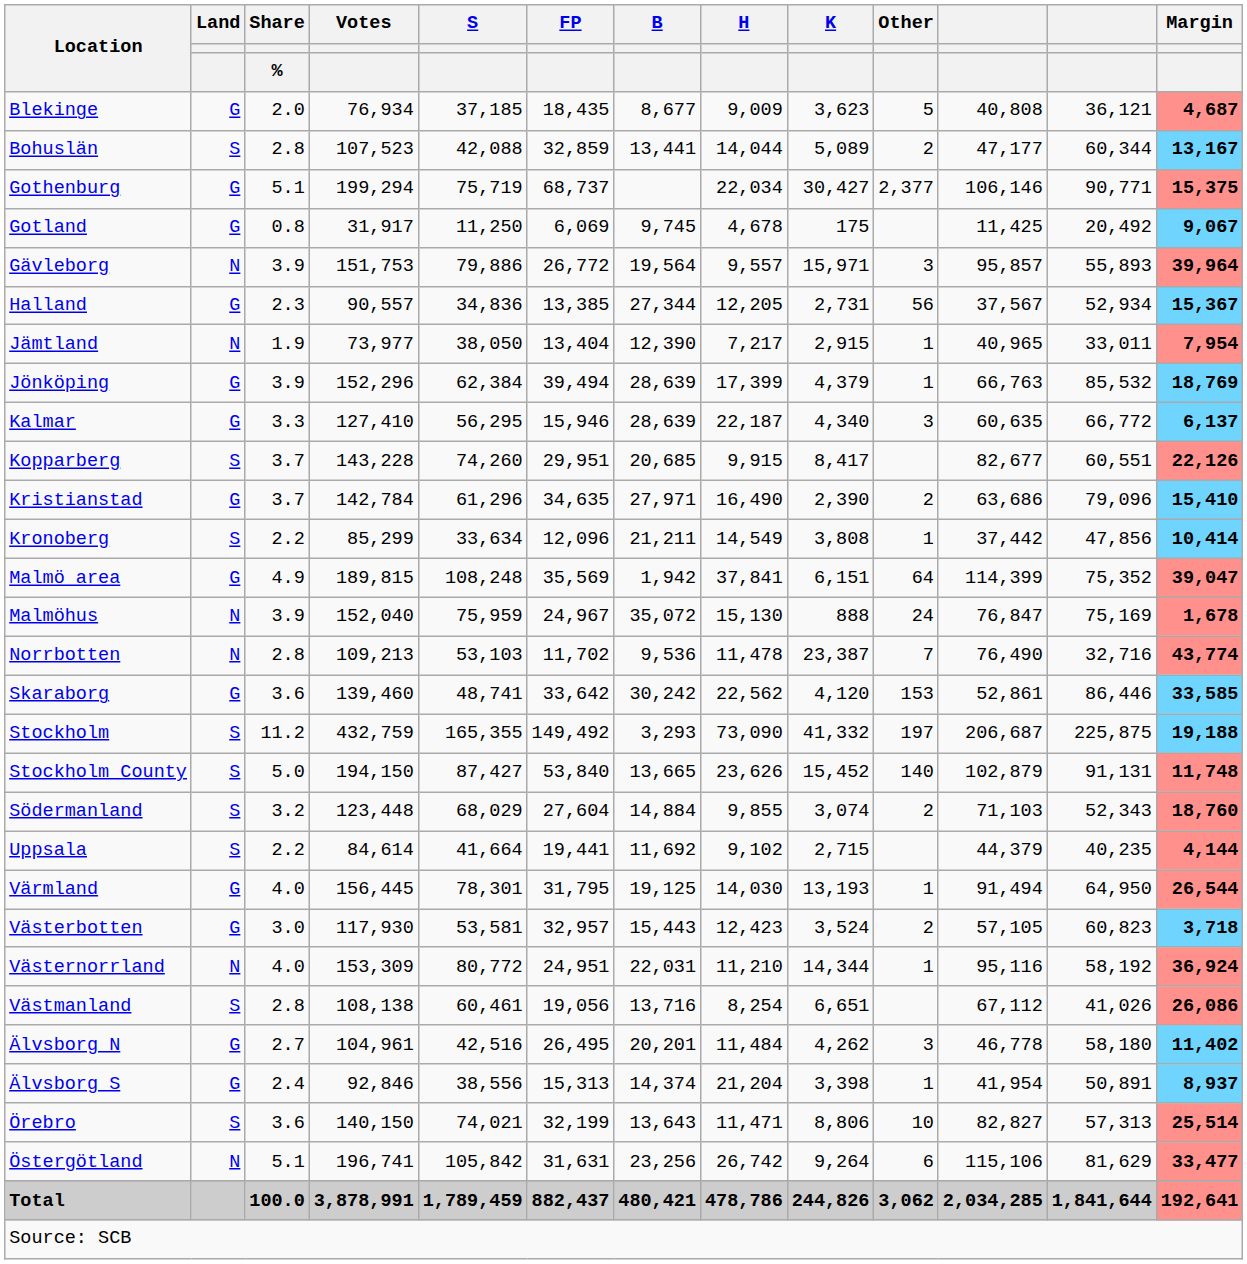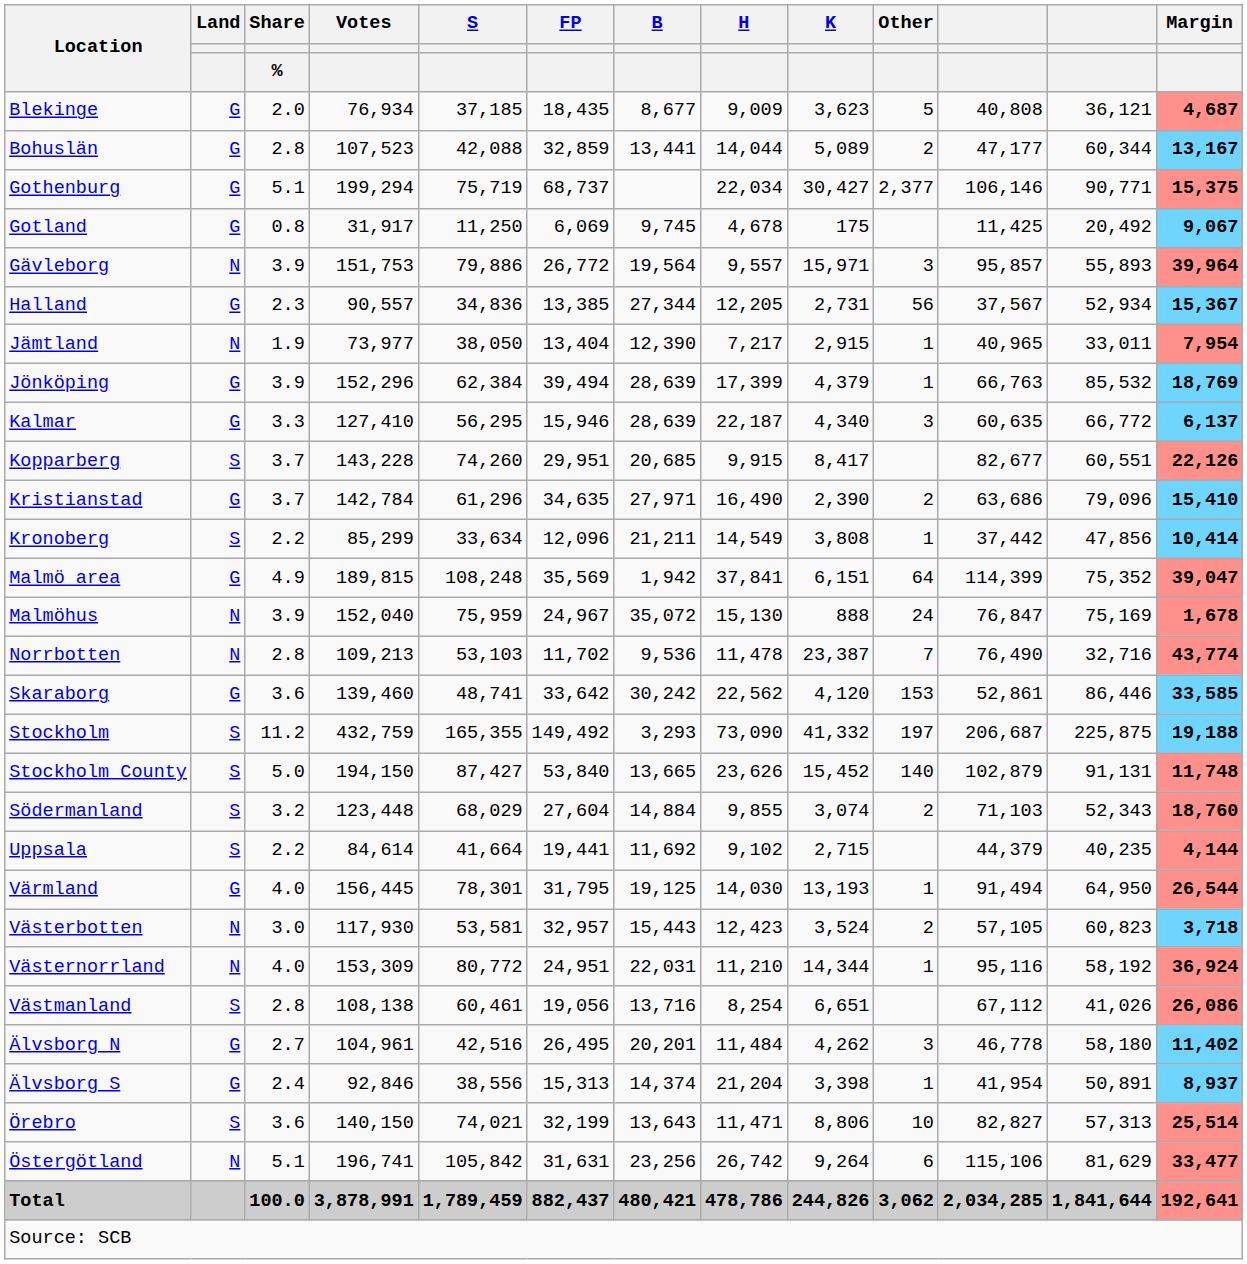 <table class="wikitable sortable" style="text-align:right; font-size:95%; line-height:20px;">
 <tr>
 <th rowspan="3">Location</th>
 <th>Land</th>
 <th>Share</th>
 <th>Votes</th>
 <th width="30px" class="unsortable"><a href='#'>S</a></th>
 <th width="30px" class="unsortable"><a href='#'>FP</a></th>
 <th width="30px" class="unsortable"><a href='#'>B</a></th>
 <th width="30px" class="unsortable"><a href='#'>H</a></th>
 <th width="30px" class="unsortable"><a href='#'>K</a></th>
 <th width="30px" class="unsortable">Other</th>
 <th></th>
 <th></th>
 <th>Margin</th>
 </tr>
 <tr>
 <th></th>
 <th></th>
 <th></th>
 <th style="background:"></th>
 <th style="background:"></th>
 <th style="background:"></th>
 <th style="background:"></th>
 <th style="background:"></th>
 <th style="background:"></th>
 <th style="background:"></th>
 <th style="background:"></th>
 <th></th>
 </tr>
 <tr>
 <th></th>
 <th data-sort-type="number">%</th>
 <th></th>
 <th data-sort-type="number"></th>
 <th data-sort-type="number"></th>
 <th data-sort-type="number"></th>
 <th data-sort-type="number"></th>
 <th data-sort-type="number"></th>
 <th data-sort-type="number"></th>
 <th data-sort-type="number"></th>
 <th data-sort-type="number"></th>
 <th></th>
 </tr>
 <tr>
 <td align=left><a href='#'>Blekinge</a></td>
 <td><a href='#'>G</a></td>
 <td>2.0</td>
 <td>76,934</td>
 <td>37,185</td>
 <td>18,435</td>
 <td>8,677</td>
 <td>9,009</td>
 <td>3,623</td>
 <td>5</td>
 <td>40,808</td>
 <td>36,121</td>
 <td bgcolor=#ff908c><strong>4,687</strong></td>
 </tr>
 <tr>
 <td align=left><a href='#'>Bohuslän</a></td>
-<td><a href='#'>S</a></td>
+<td><a href='#'>G</a></td>
 <td>2.8</td>
 <td>107,523</td>
 <td>42,088</td>
 <td>32,859</td>
 <td>13,441</td>
 <td>14,044</td>
 <td>5,089</td>
 <td>2</td>
 <td>47,177</td>
 <td>60,344</td>
 <td bgcolor=#6fd5fe><strong>13,167</strong></td>
 </tr>
 <tr>
 <td align=left><a href='#'>Gothenburg</a></td>
 <td><a href='#'>G</a></td>
 <td>5.1</td>
 <td>199,294</td>
 <td>75,719</td>
 <td>68,737</td>
 <td></td>
 <td>22,034</td>
 <td>30,427</td>
 <td>2,377</td>
 <td>106,146</td>
 <td>90,771</td>
 <td bgcolor=#ff908c><strong>15,375</strong></td>
 </tr>
 <tr>
 <td align=left><a href='#'>Gotland</a></td>
 <td><a href='#'>G</a></td>
 <td>0.8</td>
 <td>31,917</td>
 <td>11,250</td>
 <td>6,069</td>
 <td>9,745</td>
 <td>4,678</td>
 <td>175</td>
 <td></td>
 <td>11,425</td>
 <td>20,492</td>
 <td bgcolor=#6fd5fe><strong>9,067</strong></td>
 </tr>
 <tr>
 <td align=left><a href='#'>Gävleborg</a></td>
 <td><a href='#'>N</a></td>
 <td>3.9</td>
 <td>151,753</td>
 <td>79,886</td>
 <td>26,772</td>
 <td>19,564</td>
 <td>9,557</td>
 <td>15,971</td>
 <td>3</td>
 <td>95,857</td>
 <td>55,893</td>
 <td bgcolor=#ff908c><strong>39,964</strong></td>
 </tr>
 <tr>
 <td align=left><a href='#'>Halland</a></td>
 <td><a href='#'>G</a></td>
 <td>2.3</td>
 <td>90,557</td>
 <td>34,836</td>
 <td>13,385</td>
 <td>27,344</td>
 <td>12,205</td>
 <td>2,731</td>
 <td>56</td>
 <td>37,567</td>
 <td>52,934</td>
 <td bgcolor=#6fd5fe><strong>15,367</strong></td>
 </tr>
 <tr>
 <td align=left><a href='#'>Jämtland</a></td>
 <td><a href='#'>N</a></td>
 <td>1.9</td>
 <td>73,977</td>
 <td>38,050</td>
 <td>13,404</td>
 <td>12,390</td>
 <td>7,217</td>
 <td>2,915</td>
 <td>1</td>
 <td>40,965</td>
 <td>33,011</td>
 <td bgcolor=#ff908c><strong>7,954</strong></td>
 </tr>
 <tr>
 <td align=left><a href='#'>Jönköping</a></td>
 <td><a href='#'>G</a></td>
 <td>3.9</td>
 <td>152,296</td>
 <td>62,384</td>
 <td>39,494</td>
 <td>28,639</td>
 <td>17,399</td>
 <td>4,379</td>
 <td>1</td>
 <td>66,763</td>
 <td>85,532</td>
 <td bgcolor=#6fd5fe><strong>18,769</strong></td>
 </tr>
 <tr>
 <td align=left><a href='#'>Kalmar</a></td>
 <td><a href='#'>G</a></td>
 <td>3.3</td>
 <td>127,410</td>
 <td>56,295</td>
 <td>15,946</td>
 <td>28,639</td>
 <td>22,187</td>
 <td>4,340</td>
 <td>3</td>
 <td>60,635</td>
 <td>66,772</td>
 <td bgcolor=#6fd5fe><strong>6,137</strong></td>
 </tr>
 <tr>
 <td align=left><a href='#'>Kopparberg</a></td>
 <td><a href='#'>S</a></td>
 <td>3.7</td>
 <td>143,228</td>
 <td>74,260</td>
 <td>29,951</td>
 <td>20,685</td>
 <td>9,915</td>
 <td>8,417</td>
 <td></td>
 <td>82,677</td>
 <td>60,551</td>
 <td bgcolor=#ff908c><strong>22,126</strong></td>
 </tr>
 <tr>
 <td align=left><a href='#'>Kristianstad</a></td>
 <td><a href='#'>G</a></td>
 <td>3.7</td>
 <td>142,784</td>
 <td>61,296</td>
 <td>34,635</td>
 <td>27,971</td>
 <td>16,490</td>
 <td>2,390</td>
 <td>2</td>
 <td>63,686</td>
 <td>79,096</td>
 <td bgcolor=#6fd5fe><strong>15,410</strong></td>
 </tr>
 <tr>
 <td align=left><a href='#'>Kronoberg</a></td>
 <td><a href='#'>S</a></td>
 <td>2.2</td>
 <td>85,299</td>
 <td>33,634</td>
 <td>12,096</td>
 <td>21,211</td>
 <td>14,549</td>
 <td>3,808</td>
 <td>1</td>
 <td>37,442</td>
 <td>47,856</td>
 <td bgcolor=#6fd5fe><strong>10,414</strong></td>
 </tr>
 <tr>
 <td align=left><a href='#'>Malmö area</a></td>
 <td><a href='#'>G</a></td>
 <td>4.9</td>
 <td>189,815</td>
 <td>108,248</td>
 <td>35,569</td>
 <td>1,942</td>
 <td>37,841</td>
 <td>6,151</td>
 <td>64</td>
 <td>114,399</td>
 <td>75,352</td>
 <td bgcolor=#ff908c><strong>39,047</strong></td>
 </tr>
 <tr>
 <td align=left><a href='#'>Malmöhus</a></td>
 <td><a href='#'>N</a></td>
 <td>3.9</td>
 <td>152,040</td>
 <td>75,959</td>
 <td>24,967</td>
 <td>35,072</td>
 <td>15,130</td>
 <td>888</td>
 <td>24</td>
 <td>76,847</td>
 <td>75,169</td>
 <td bgcolor=#ff908c><strong>1,678</strong></td>
 </tr>
 <tr>
 <td align=left><a href='#'>Norrbotten</a></td>
 <td><a href='#'>N</a></td>
 <td>2.8</td>
 <td>109,213</td>
 <td>53,103</td>
 <td>11,702</td>
 <td>9,536</td>
 <td>11,478</td>
 <td>23,387</td>
 <td>7</td>
 <td>76,490</td>
 <td>32,716</td>
 <td bgcolor=#ff908c><strong>43,774</strong></td>
 </tr>
 <tr>
 <td align=left><a href='#'>Skaraborg</a></td>
 <td><a href='#'>G</a></td>
 <td>3.6</td>
 <td>139,460</td>
 <td>48,741</td>
 <td>33,642</td>
 <td>30,242</td>
 <td>22,562</td>
 <td>4,120</td>
 <td>153</td>
 <td>52,861</td>
 <td>86,446</td>
 <td bgcolor=#6fd5fe><strong>33,585</strong></td>
 </tr>
 <tr>
 <td align=left><a href='#'>Stockholm</a></td>
 <td><a href='#'>S</a></td>
 <td>11.2</td>
 <td>432,759</td>
 <td>165,355</td>
 <td>149,492</td>
 <td>3,293</td>
 <td>73,090</td>
 <td>41,332</td>
 <td>197</td>
 <td>206,687</td>
 <td>225,875</td>
 <td bgcolor=#6fd5fe><strong>19,188</strong></td>
 </tr>
 <tr>
 <td align=left><a href='#'>Stockholm County</a></td>
 <td><a href='#'>S</a></td>
 <td>5.0</td>
 <td>194,150</td>
 <td>87,427</td>
 <td>53,840</td>
 <td>13,665</td>
 <td>23,626</td>
 <td>15,452</td>
 <td>140</td>
 <td>102,879</td>
 <td>91,131</td>
 <td bgcolor=#ff908c><strong>11,748</strong></td>
 </tr>
 <tr>
 <td align=left><a href='#'>Södermanland</a></td>
 <td><a href='#'>S</a></td>
 <td>3.2</td>
 <td>123,448</td>
 <td>68,029</td>
 <td>27,604</td>
 <td>14,884</td>
 <td>9,855</td>
 <td>3,074</td>
 <td>2</td>
 <td>71,103</td>
 <td>52,343</td>
 <td bgcolor=#ff908c><strong>18,760</strong></td>
 </tr>
 <tr>
 <td align=left><a href='#'>Uppsala</a></td>
 <td><a href='#'>S</a></td>
 <td>2.2</td>
 <td>84,614</td>
 <td>41,664</td>
 <td>19,441</td>
 <td>11,692</td>
 <td>9,102</td>
 <td>2,715</td>
 <td></td>
 <td>44,379</td>
 <td>40,235</td>
 <td bgcolor=#ff908c><strong>4,144</strong></td>
 </tr>
 <tr>
 <td align=left><a href='#'>Värmland</a></td>
 <td><a href='#'>G</a></td>
 <td>4.0</td>
 <td>156,445</td>
 <td>78,301</td>
 <td>31,795</td>
 <td>19,125</td>
 <td>14,030</td>
 <td>13,193</td>
 <td>1</td>
 <td>91,494</td>
 <td>64,950</td>
 <td bgcolor=#ff908c><strong>26,544</strong></td>
 </tr>
 <tr>
 <td align=left><a href='#'>Västerbotten</a></td>
-<td><a href='#'>G</a></td>
+<td><a href='#'>N</a></td>
 <td>3.0</td>
 <td>117,930</td>
 <td>53,581</td>
 <td>32,957</td>
 <td>15,443</td>
 <td>12,423</td>
 <td>3,524</td>
 <td>2</td>
 <td>57,105</td>
 <td>60,823</td>
 <td bgcolor=#6fd5fe><strong>3,718</strong></td>
 </tr>
 <tr>
 <td align=left><a href='#'>Västernorrland</a></td>
 <td><a href='#'>N</a></td>
 <td>4.0</td>
 <td>153,309</td>
 <td>80,772</td>
 <td>24,951</td>
 <td>22,031</td>
 <td>11,210</td>
 <td>14,344</td>
 <td>1</td>
 <td>95,116</td>
 <td>58,192</td>
 <td bgcolor=#ff908c><strong>36,924</strong></td>
 </tr>
 <tr>
 <td align=left><a href='#'>Västmanland</a></td>
 <td><a href='#'>S</a></td>
 <td>2.8</td>
 <td>108,138</td>
 <td>60,461</td>
 <td>19,056</td>
 <td>13,716</td>
 <td>8,254</td>
 <td>6,651</td>
 <td></td>
 <td>67,112</td>
 <td>41,026</td>
 <td bgcolor=#ff908c><strong>26,086</strong></td>
 </tr>
 <tr>
 <td align=left><a href='#'>Älvsborg N</a></td>
 <td><a href='#'>G</a></td>
 <td>2.7</td>
 <td>104,961</td>
 <td>42,516</td>
 <td>26,495</td>
 <td>20,201</td>
 <td>11,484</td>
 <td>4,262</td>
 <td>3</td>
 <td>46,778</td>
 <td>58,180</td>
 <td bgcolor=#6fd5fe><strong>11,402</strong></td>
 </tr>
 <tr>
 <td align=left><a href='#'>Älvsborg S</a></td>
 <td><a href='#'>G</a></td>
 <td>2.4</td>
 <td>92,846</td>
 <td>38,556</td>
 <td>15,313</td>
 <td>14,374</td>
 <td>21,204</td>
 <td>3,398</td>
 <td>1</td>
 <td>41,954</td>
 <td>50,891</td>
 <td bgcolor=#6fd5fe><strong>8,937</strong></td>
 </tr>
 <tr>
 <td align=left><a href='#'>Örebro</a></td>
 <td><a href='#'>S</a></td>
 <td>3.6</td>
 <td>140,150</td>
 <td>74,021</td>
 <td>32,199</td>
 <td>13,643</td>
 <td>11,471</td>
 <td>8,806</td>
 <td>10</td>
 <td>82,827</td>
 <td>57,313</td>
 <td bgcolor=#ff908c><strong>25,514</strong></td>
 </tr>
 <tr>
 <td align=left><a href='#'>Östergötland</a></td>
 <td><a href='#'>N</a></td>
 <td>5.1</td>
 <td>196,741</td>
 <td>105,842</td>
 <td>31,631</td>
 <td>23,256</td>
 <td>26,742</td>
 <td>9,264</td>
 <td>6</td>
 <td>115,106</td>
 <td>81,629</td>
 <td bgcolor=#ff908c><strong>33,477</strong></td>
 </tr>
 <tr>
 </tr>
 <tr style="background:#CDCDCD;">
 <td align=left><strong>Total</strong></td>
 <td></td>
 <td><strong>100.0</strong></td>
 <td><strong>3,878,991</strong></td>
 <td><strong>1,789,459</strong></td>
 <td><strong>882,437</strong></td>
 <td><strong>480,421</strong></td>
 <td><strong>478,786</strong></td>
 <td><strong>244,826</strong></td>
 <td><strong>3,062</strong></td>
 <td><strong>2,034,285</strong></td>
 <td><strong>1,841,644</strong></td>
 <td bgcolor=#ff908c><strong>192,641</strong></td>
 </tr>
 <tr>
 <td align=left colspan=14>Source: SCB </td>
 </tr>
 </table>
